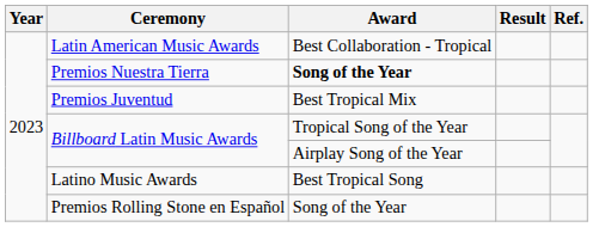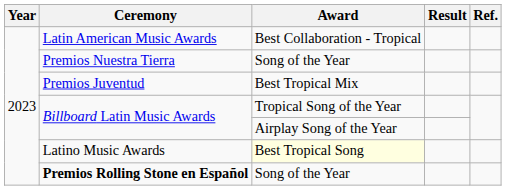 <table class="wikitable plainrowheaders">
 <tr>
 <th scope="col">Year</th>
 <th scope="col">Ceremony</th>
 <th scope="col">Award</th>
 <th scope="col">Result</th>
 <th scope="col">Ref.</th>
 </tr>
 <tr>
 <td rowspan="7" scope="row">2023</td>
 <td rowspan="1" scope="row"><a href='#'>Latin American Music Awards</a></td>
 <td>Best Collaboration - Tropical</td>
 <td></td>
 <td rowspan="1"></td>
 </tr>
 <tr>
 <td rowspan="1" scope="row"><a href='#'>Premios Nuestra Tierra</a></td>
-<td><strong>Song of the Year</strong></td>
+<td>Song of the Year</td>
 <td></td>
 <td rowspan="1"></td>
 </tr>
 <tr>
 <td rowspan="1" scope="row"><a href='#'>Premios Juventud</a></td>
 <td>Best Tropical Mix</td>
 <td></td>
 <td rowspan="1"></td>
 </tr>
 <tr>
 <td rowspan="2" scope="row"><a href='#'><em>Billboard</em> Latin Music Awards</a></td>
 <td>Tropical Song of the Year</td>
 <td></td>
 <td rowspan="2"></td>
 </tr>
 <tr>
 <td>Airplay Song of the Year</td>
 <td></td>
 </tr>
 <tr>
 <td>Latino Music Awards</td>
-<td>Best Tropical Song</td>
+<td style="background: lightyellow;">Best Tropical Song</td>
 <td></td>
 <td></td>
 </tr>
 <tr>
-<td>Premios Rolling Stone en Español</td>
+<td><strong>Premios Rolling Stone en Español</strong></td>
 <td>Song of the Year</td>
 <td></td>
 <td></td>
 </tr>
 </table>
